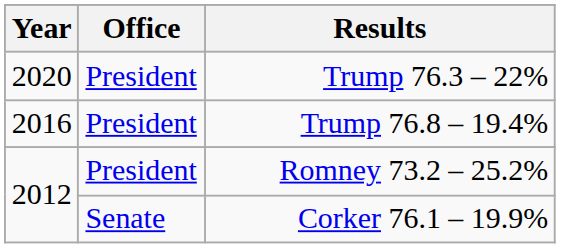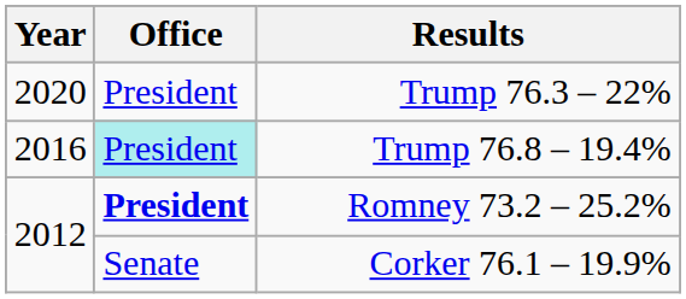 <table class=wikitable>
 <tr>
 <th width="30">Year</th>
 <th width="60">Office</th>
 <th width="180">Results</th>
 </tr>
 <tr>
 <td>2020</td>
 <td><a href='#'>President</a></td>
 <td align="right" ><a href='#'>Trump</a> 76.3 – 22%</td>
 </tr>
 <tr>
 <td>2016</td>
-<td><a href='#'>President</a></td>
+<td style="background: paleturquoise;"><a href='#'>President</a></td>
 <td align="right" ><a href='#'>Trump</a> 76.8 – 19.4%</td>
 </tr>
 <tr>
 <td rowspan="2">2012</td>
-<td><a href='#'>President</a></td>
+<td><strong><a href='#'>President</a></strong></td>
 <td align="right" ><a href='#'>Romney</a> 73.2 – 25.2%</td>
 </tr>
 <tr>
 <td><a href='#'>Senate</a></td>
 <td align="right" ><a href='#'>Corker</a> 76.1 – 19.9%</td>
 </tr>
 </table>
